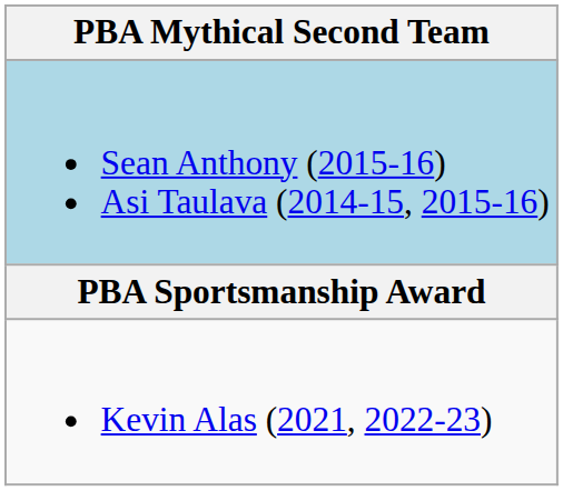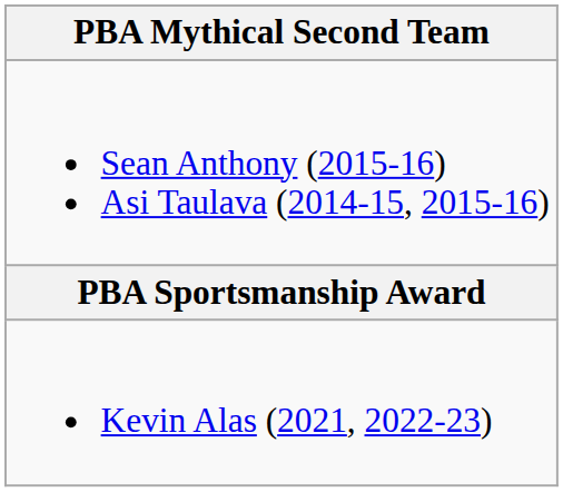 <table class=wikitable>
 <tr>
 <th>PBA Mythical Second Team</th>
 </tr>
 <tr>
-<td valign="top" style="background: lightblue;"><br><ul><li><a href='#'>Sean Anthony</a> (<a href='#'>2015-16</a>)</li><li><a href='#'>Asi Taulava</a> (<a href='#'>2014-15</a>, <a href='#'>2015-16</a>)</li></ul></td>
+<td valign="top"><br><ul><li><a href='#'>Sean Anthony</a> (<a href='#'>2015-16</a>)</li><li><a href='#'>Asi Taulava</a> (<a href='#'>2014-15</a>, <a href='#'>2015-16</a>)</li></ul></td>
 </tr>
 <tr>
 <th>PBA Sportsmanship Award</th>
 </tr>
 <tr>
 <td valign="top"><br><ul><li><a href='#'>Kevin Alas</a> (<a href='#'>2021</a>, <a href='#'>2022-23</a>)</li></ul></td>
 </tr>
 </table>
